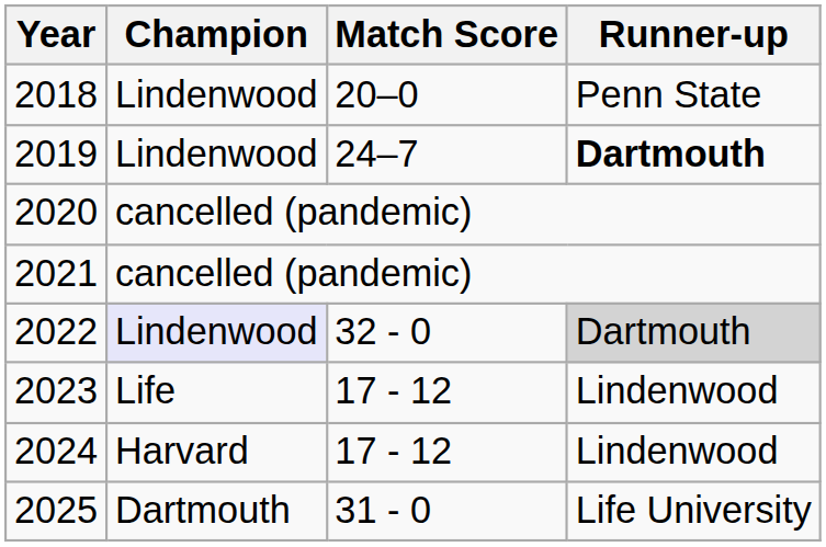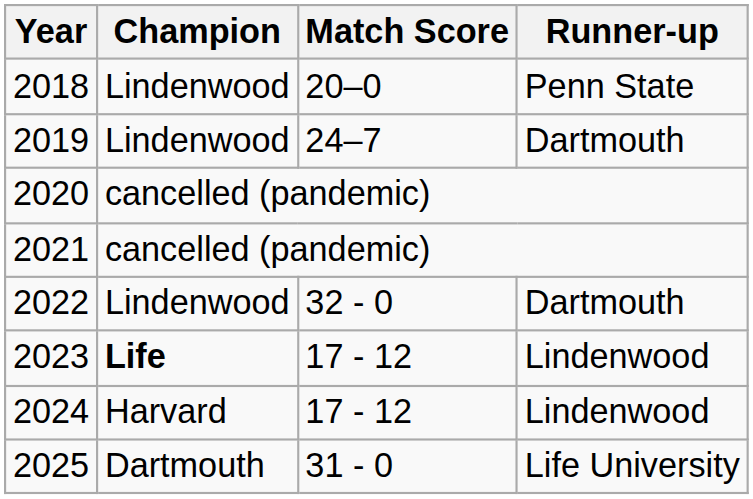 <table class="wikitable">
 <tr>
 <th>Year</th>
 <th>Champion</th>
 <th>Match Score</th>
 <th>Runner-up</th>
 </tr>
 <tr>
 <td>2018</td>
 <td>Lindenwood</td>
 <td>20–0</td>
 <td>Penn State</td>
 </tr>
 <tr>
 <td>2019</td>
 <td>Lindenwood</td>
 <td>24–7</td>
-<td><strong>Dartmouth</strong></td>
+<td>Dartmouth</td>
 </tr>
 <tr>
 <td>2020</td>
 <td colspan="3">cancelled (pandemic)</td>
 </tr>
 <tr>
 <td>2021</td>
 <td colspan="3">cancelled (pandemic)</td>
 </tr>
 <tr>
 <td>2022</td>
-<td style="background: lavender;">Lindenwood</td>
+<td>Lindenwood</td>
 <td>32 - 0</td>
-<td style="background: lightgrey;">Dartmouth</td>
+<td>Dartmouth</td>
 </tr>
 <tr>
 <td>2023</td>
-<td>Life</td>
+<td><strong>Life</strong></td>
 <td>17 - 12</td>
 <td>Lindenwood</td>
 </tr>
 <tr>
 <td>2024</td>
 <td>Harvard</td>
 <td>17 - 12</td>
 <td>Lindenwood</td>
 </tr>
 <tr>
 <td>2025</td>
 <td>Dartmouth</td>
 <td>31 - 0</td>
 <td>Life University</td>
 </tr>
 </table>
